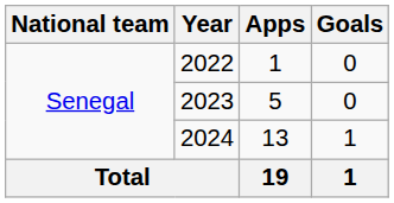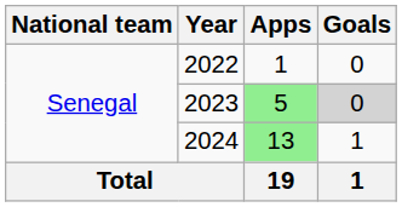 <table class="wikitable" style="text-align: center;">
 <tr>
 <th>National team</th>
 <th>Year</th>
 <th>Apps</th>
 <th>Goals</th>
 </tr>
 <tr>
 <td rowspan="3"><a href='#'>Senegal</a></td>
 <td>2022</td>
 <td>1</td>
 <td>0</td>
 </tr>
 <tr>
 <td>2023</td>
-<td>5</td>
-<td>0</td>
+<td style="background: lightgreen;">5</td>
+<td style="background: lightgrey;">0</td>
 </tr>
 <tr>
 <td>2024</td>
-<td>13</td>
+<td style="background: lightgreen;">13</td>
 <td>1</td>
 </tr>
 <tr>
 <th colspan="2">Total</th>
 <th>19</th>
 <th>1</th>
 </tr>
 </table>
